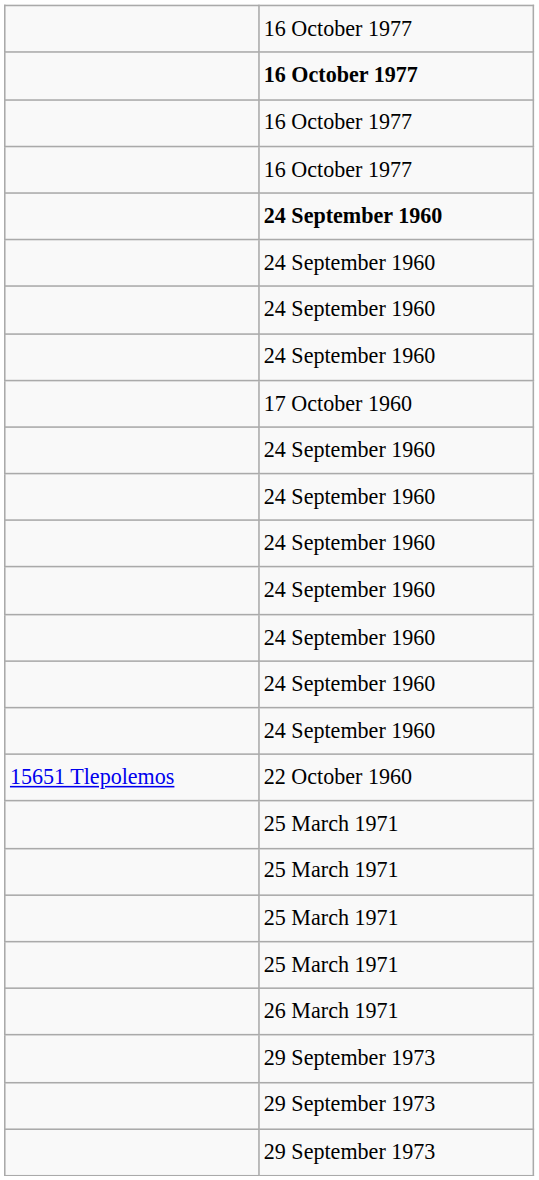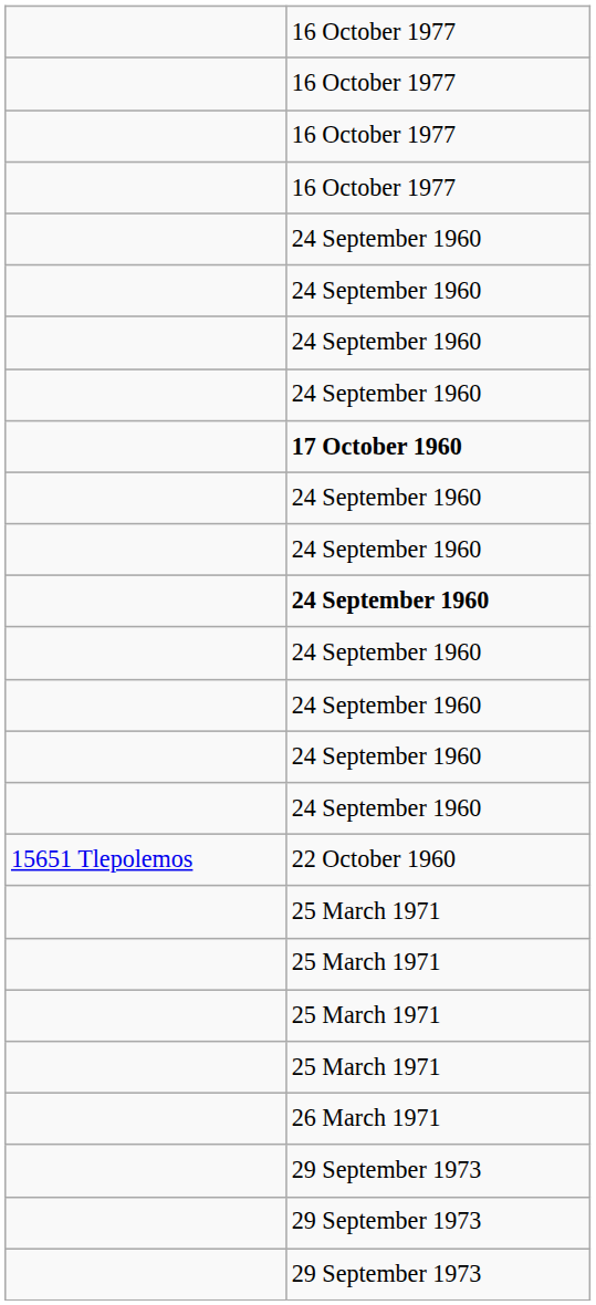 <table class="wikitable" style="font-size: 89%; float: left; width: 24em; margin-right: 1em; line-height: 1.65em">
 <tr>
 <td></td>
 <td>16 October 1977</td>
-</tr>
-<tr>
-<td></td>
-<td><strong>16 October 1977</strong></td>
 </tr>
 <tr>
 <td></td>
 <td>16 October 1977</td>
 </tr>
 <tr>
 <td></td>
 <td>16 October 1977</td>
 </tr>
 <tr>
 <td></td>
-<td><strong>24 September 1960</strong></td>
+<td>16 October 1977</td>
 </tr>
 <tr>
 <td></td>
 <td>24 September 1960</td>
 </tr>
 <tr>
 <td></td>
 <td>24 September 1960</td>
 </tr>
 <tr>
 <td></td>
 <td>24 September 1960</td>
 </tr>
 <tr>
 <td></td>
-<td>17 October 1960</td>
+<td>24 September 1960</td>
+</tr>
+<tr>
+<td></td>
+<td><strong>17 October 1960</strong></td>
 </tr>
 <tr>
 <td></td>
 <td>24 September 1960</td>
 </tr>
 <tr>
 <td></td>
 <td>24 September 1960</td>
 </tr>
 <tr>
 <td></td>
-<td>24 September 1960</td>
+<td><strong>24 September 1960</strong></td>
 </tr>
 <tr>
 <td></td>
 <td>24 September 1960</td>
 </tr>
 <tr>
 <td></td>
 <td>24 September 1960</td>
 </tr>
 <tr>
 <td></td>
 <td>24 September 1960</td>
 </tr>
 <tr>
 <td></td>
 <td>24 September 1960</td>
 </tr>
 <tr>
 <td><a href='#'>15651 Tlepolemos</a></td>
 <td>22 October 1960</td>
 </tr>
 <tr>
 <td></td>
 <td>25 March 1971</td>
 </tr>
 <tr>
 <td></td>
 <td>25 March 1971</td>
 </tr>
 <tr>
 <td></td>
 <td>25 March 1971</td>
 </tr>
 <tr>
 <td></td>
 <td>25 March 1971</td>
 </tr>
 <tr>
 <td></td>
 <td>26 March 1971</td>
 </tr>
 <tr>
 <td></td>
 <td>29 September 1973</td>
 </tr>
 <tr>
 <td></td>
 <td>29 September 1973</td>
 </tr>
 <tr>
 <td></td>
 <td>29 September 1973</td>
 </tr>
 </table>
